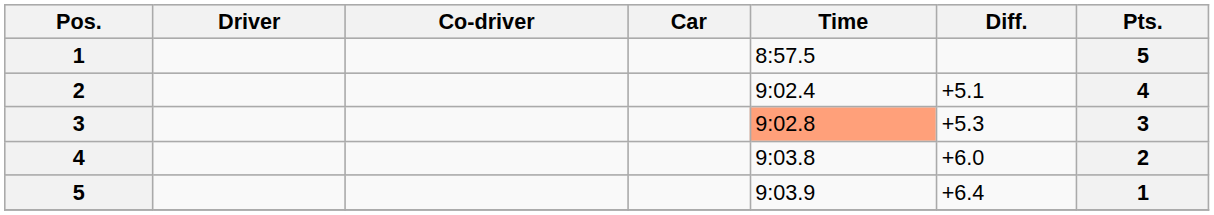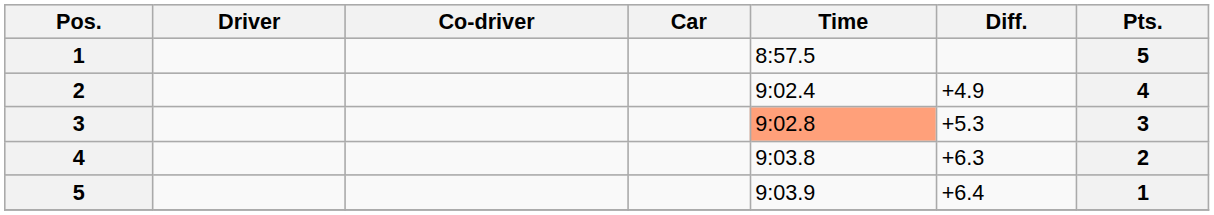 <table class="wikitable" width=60% style="font-size: 85%;">
 <tr>
 <th>Pos.</th>
 <th>Driver</th>
 <th>Co-driver</th>
 <th>Car</th>
 <th>Time</th>
 <th>Diff.</th>
 <th>Pts.</th>
 </tr>
 <tr>
 <th>1</th>
 <td></td>
 <td></td>
 <td></td>
 <td>8:57.5</td>
 <td></td>
 <th>5</th>
 </tr>
 <tr>
 <th>2</th>
 <td></td>
 <td></td>
 <td></td>
 <td>9:02.4</td>
-<td>+5.1</td>
+<td>+4.9</td>
 <th>4</th>
 </tr>
 <tr>
 <th>3</th>
 <td></td>
 <td></td>
 <td></td>
 <td style="background: lightsalmon;">9:02.8</td>
 <td>+5.3</td>
 <th>3</th>
 </tr>
 <tr>
 <th>4</th>
 <td></td>
 <td></td>
 <td></td>
 <td>9:03.8</td>
-<td>+6.0</td>
+<td>+6.3</td>
 <th>2</th>
 </tr>
 <tr>
 <th>5</th>
 <td></td>
 <td></td>
 <td></td>
 <td>9:03.9</td>
 <td>+6.4</td>
 <th>1</th>
 </tr>
 <tr>
 </tr>
 </table>
